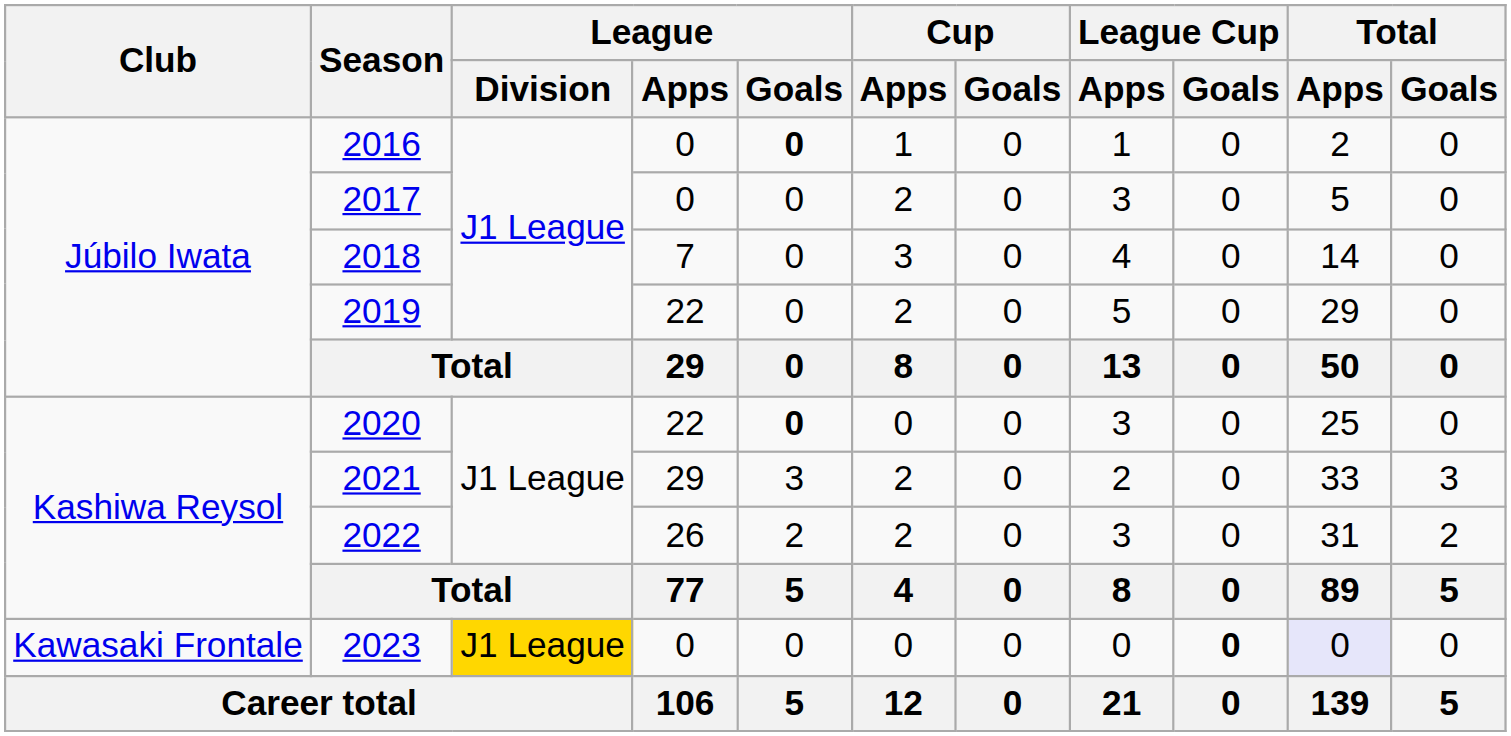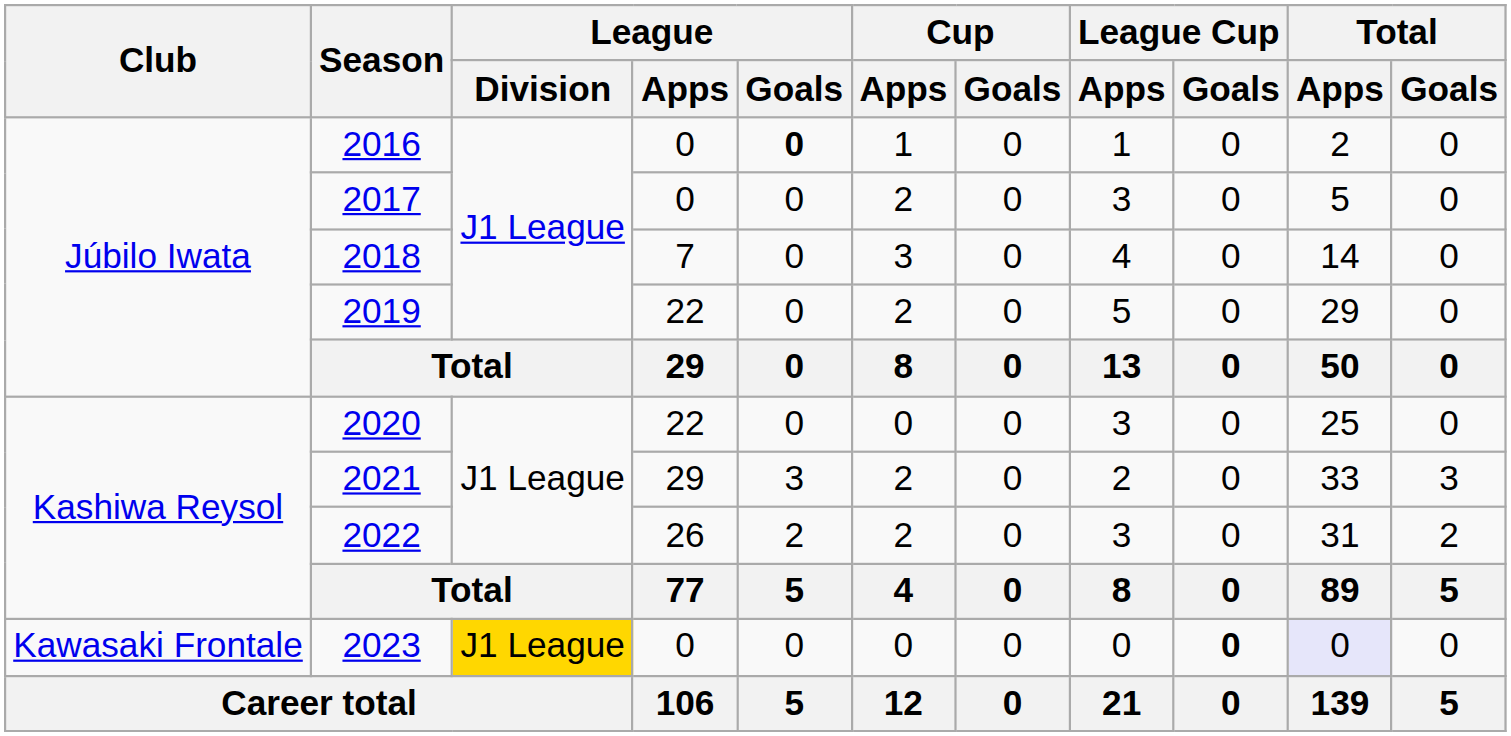 <table class="wikitable" style="text-align: center">
 <tr>
 <th rowspan="2">Club</th>
 <th rowspan="2">Season</th>
 <th colspan="3">League</th>
 <th colspan="2">Cup</th>
 <th colspan="2">League Cup</th>
 <th colspan="2">Total</th>
 </tr>
 <tr>
 <th>Division</th>
 <th>Apps</th>
 <th>Goals</th>
 <th>Apps</th>
 <th>Goals</th>
 <th>Apps</th>
 <th>Goals</th>
 <th>Apps</th>
 <th>Goals</th>
 </tr>
 <tr>
 <td rowspan="5"><a href='#'>Júbilo Iwata</a></td>
 <td><a href='#'>2016</a></td>
 <td rowspan="4"><a href='#'>J1 League</a></td>
 <td>0</td>
 <td><strong>0</strong></td>
 <td>1</td>
 <td>0</td>
 <td>1</td>
 <td>0</td>
 <td>2</td>
 <td>0</td>
 </tr>
 <tr>
 <td><a href='#'>2017</a></td>
 <td>0</td>
 <td>0</td>
 <td>2</td>
 <td>0</td>
 <td>3</td>
 <td>0</td>
 <td>5</td>
 <td>0</td>
 </tr>
 <tr>
 <td><a href='#'>2018</a></td>
 <td>7</td>
 <td>0</td>
 <td>3</td>
 <td>0</td>
 <td>4</td>
 <td>0</td>
 <td>14</td>
 <td>0</td>
 </tr>
 <tr>
 <td><a href='#'>2019</a></td>
 <td>22</td>
 <td>0</td>
 <td>2</td>
 <td>0</td>
 <td>5</td>
 <td>0</td>
 <td>29</td>
 <td>0</td>
 </tr>
 <tr>
 <th colspan="2">Total</th>
 <th>29</th>
 <th>0</th>
 <th>8</th>
 <th>0</th>
 <th>13</th>
 <th>0</th>
 <th>50</th>
 <th>0</th>
 </tr>
 <tr>
 <td rowspan="4"><a href='#'>Kashiwa Reysol</a></td>
 <td><a href='#'>2020</a></td>
 <td rowspan="3">J1 League</td>
 <td>22</td>
-<td><strong>0</strong></td>
+<td>0</td>
 <td>0</td>
 <td>0</td>
 <td>3</td>
 <td>0</td>
 <td>25</td>
 <td>0</td>
 </tr>
 <tr>
 <td><a href='#'>2021</a></td>
 <td>29</td>
 <td>3</td>
 <td>2</td>
 <td>0</td>
 <td>2</td>
 <td>0</td>
 <td>33</td>
 <td>3</td>
 </tr>
 <tr>
 <td><a href='#'>2022</a></td>
 <td>26</td>
 <td>2</td>
 <td>2</td>
 <td>0</td>
 <td>3</td>
 <td>0</td>
 <td>31</td>
 <td>2</td>
 </tr>
 <tr>
 <th colspan="2">Total</th>
 <th>77</th>
 <th>5</th>
 <th>4</th>
 <th>0</th>
 <th>8</th>
 <th>0</th>
 <th>89</th>
 <th>5</th>
 </tr>
 <tr>
 <td><a href='#'>Kawasaki Frontale</a></td>
 <td><a href='#'>2023</a></td>
 <td style="background: gold;">J1 League</td>
 <td>0</td>
 <td>0</td>
 <td>0</td>
 <td>0</td>
 <td>0</td>
 <td><strong>0</strong></td>
 <td style="background: lavender;">0</td>
 <td>0</td>
 </tr>
 <tr>
 <th colspan=3>Career total</th>
 <th>106</th>
 <th>5</th>
 <th>12</th>
 <th>0</th>
 <th>21</th>
 <th>0</th>
 <th>139</th>
 <th>5</th>
 </tr>
 </table>
